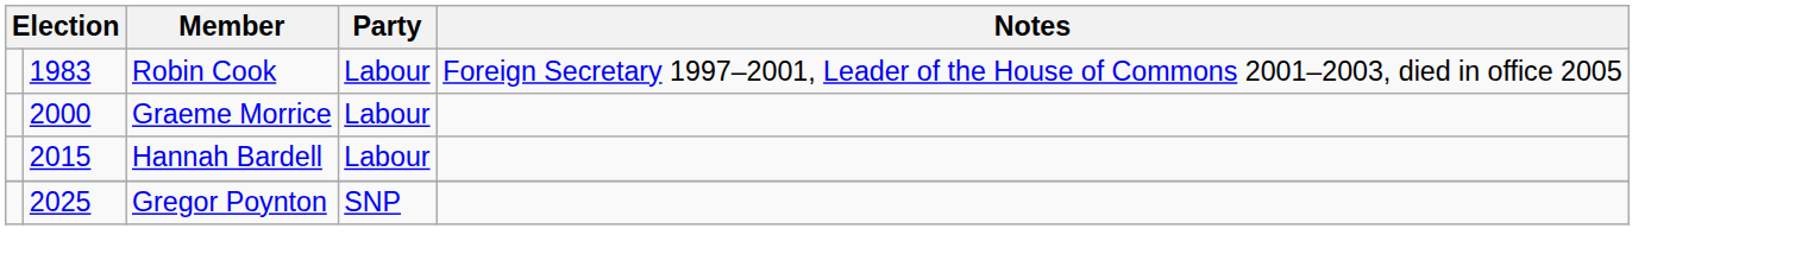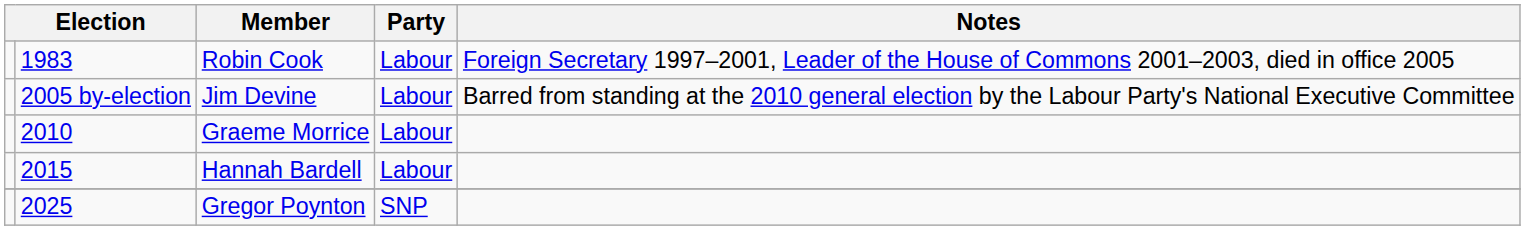 <table class="wikitable">
 <tr>
 <th colspan="2">Election</th>
 <th>Member</th>
 <th>Party</th>
 <th>Notes</th>
 </tr>
 <tr>
 <td style="color:inherit;background-color: "></td>
 <td><a href='#'>1983</a></td>
 <td><a href='#'>Robin Cook</a></td>
 <td><a href='#'>Labour</a></td>
 <td><a href='#'>Foreign Secretary</a> 1997–2001, <a href='#'>Leader of the House of Commons</a> 2001–2003, died in office 2005</td>
 </tr>
 <tr>
 <td style="color:inherit;background-color: "></td>
-<td><a href='#'>2000</a></td>
+<td><a href='#'>2005 by-election</a></td>
+<td><a href='#'>Jim Devine</a></td>
+<td><a href='#'>Labour</a></td>
+<td>Barred from standing at the <a href='#'>2010 general election</a> by the Labour Party's National Executive Committee</td>
+</tr>
+<tr>
+<td style="color:inherit;background-color: "></td>
+<td><a href='#'>2010</a></td>
 <td><a href='#'>Graeme Morrice</a></td>
 <td><a href='#'>Labour</a></td>
 <td></td>
 </tr>
 <tr>
 <td style="color:inherit;background-color: "></td>
 <td><a href='#'>2015</a></td>
 <td><a href='#'>Hannah Bardell</a></td>
 <td><a href='#'>Labour</a></td>
 <td></td>
 </tr>
 <tr>
 </tr>
 <tr>
 <td style="color:inherit;background-color: "></td>
 <td><a href='#'>2025</a></td>
 <td><a href='#'>Gregor Poynton</a></td>
 <td><a href='#'>SNP</a></td>
 <td></td>
 </tr>
 </table>
